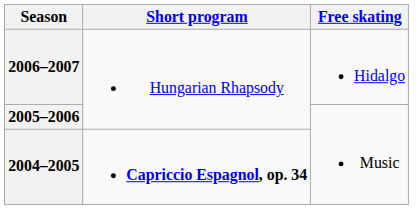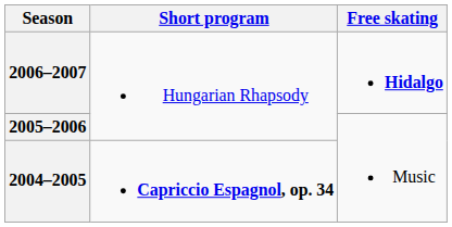 <table class=wikitable style=text-align:center>
 <tr>
 <th>Season</th>
 <th><a href='#'>Short program</a></th>
 <th><a href='#'>Free skating</a></th>
 </tr>
 <tr>
 <th>2006–2007 <br> </th>
 <td rowspan=2><br><ul><li><a href='#'>Hungarian Rhapsody</a> <br></li></ul></td>
-<td><br><ul><li><a href='#'>Hidalgo</a> <br></li></ul></td>
+<td><strong><br><ul><li><a href='#'>Hidalgo</a> <br></li></ul></strong></td>
 </tr>
 <tr>
 <th>2005–2006 <br> </th>
 <td rowspan=2><br><ul><li>Music <br></li></ul></td>
 </tr>
 <tr>
 <th>2004–2005 <br> </th>
 <td><strong><br><ul><li><a href='#'>Capriccio Espagnol</a>, op. 34 <br></li></ul></strong></td>
 </tr>
 </table>
